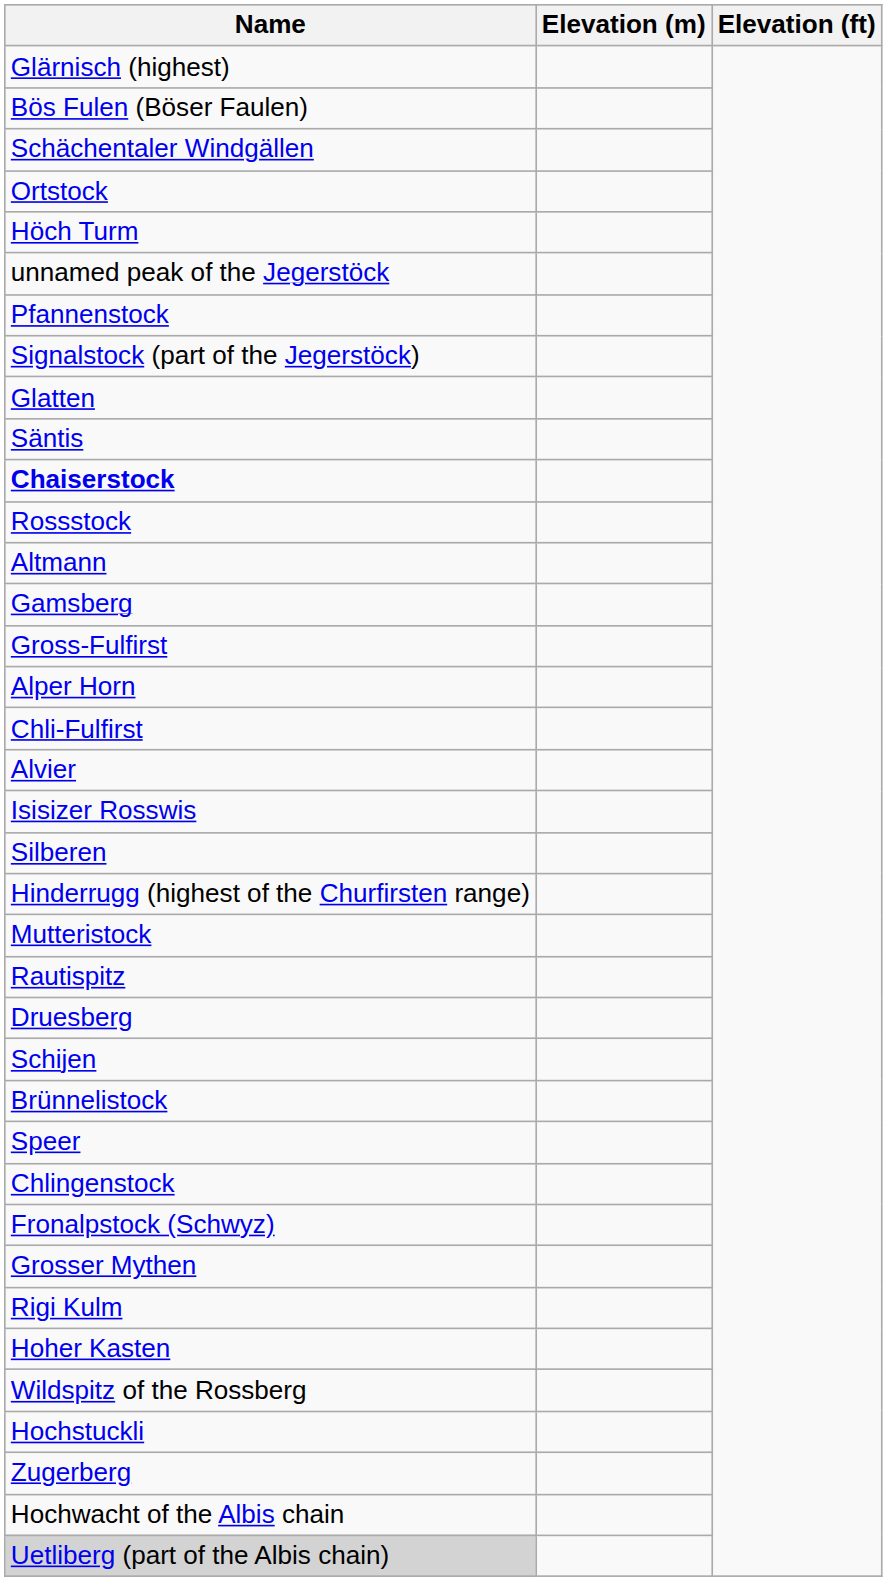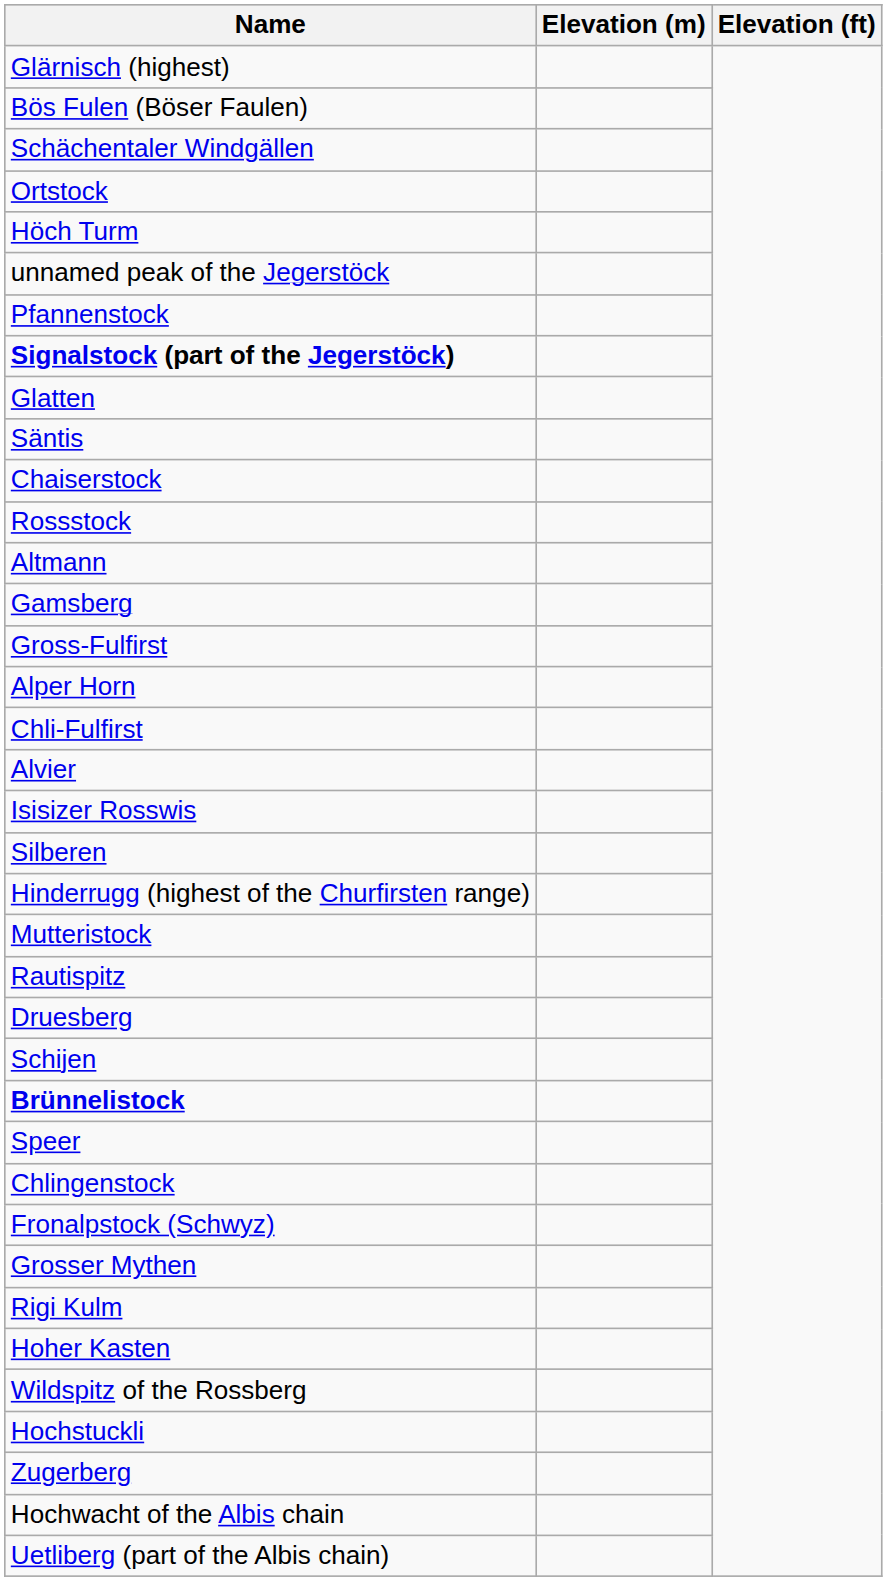 <table class="wikitable sortable">
 <tr>
 <th>Name</th>
 <th>Elevation (m)</th>
 <th>Elevation (ft)</th>
 </tr>
 <tr>
 <td><a href='#'>Glärnisch</a> (highest)</td>
 <td></td>
 </tr>
 <tr>
 <td><a href='#'>Bös Fulen</a> (Böser Faulen)</td>
 <td></td>
 </tr>
 <tr>
 <td><a href='#'>Schächentaler Windgällen</a></td>
 <td></td>
 </tr>
 <tr>
 <td><a href='#'>Ortstock</a></td>
 <td></td>
 </tr>
 <tr>
 <td><a href='#'>Höch Turm</a></td>
 <td></td>
 </tr>
 <tr>
 <td>unnamed peak of the <a href='#'>Jegerstöck</a></td>
 <td></td>
 </tr>
 <tr>
 <td><a href='#'>Pfannenstock</a></td>
 <td></td>
 </tr>
 <tr>
-<td><a href='#'>Signalstock</a> (part of the <a href='#'>Jegerstöck</a>)</td>
+<td><strong><a href='#'>Signalstock</a> (part of the <a href='#'>Jegerstöck</a>)</strong></td>
 <td></td>
 </tr>
 <tr>
 <td><a href='#'>Glatten</a></td>
 <td></td>
 </tr>
 <tr>
 <td><a href='#'>Säntis</a></td>
 <td></td>
 </tr>
 <tr>
-<td><strong><a href='#'>Chaiserstock</a></strong></td>
+<td><a href='#'>Chaiserstock</a></td>
 <td></td>
 </tr>
 <tr>
 <td><a href='#'>Rossstock</a></td>
 <td></td>
 </tr>
 <tr>
 <td><a href='#'>Altmann</a></td>
 <td></td>
 </tr>
 <tr>
 <td><a href='#'>Gamsberg</a></td>
 <td></td>
 </tr>
 <tr>
 <td><a href='#'>Gross-Fulfirst</a></td>
 <td></td>
 </tr>
 <tr>
 <td><a href='#'>Alper Horn</a></td>
 <td></td>
 </tr>
 <tr>
 <td><a href='#'>Chli-Fulfirst</a></td>
 <td></td>
 </tr>
 <tr>
 <td><a href='#'>Alvier</a></td>
 <td></td>
 </tr>
 <tr>
 <td><a href='#'>Isisizer Rosswis</a></td>
 <td></td>
 </tr>
 <tr>
 <td><a href='#'>Silberen</a></td>
 <td></td>
 </tr>
 <tr>
 <td><a href='#'>Hinderrugg</a> (highest of the <a href='#'>Churfirsten</a> range)</td>
 <td></td>
 </tr>
 <tr>
 <td><a href='#'>Mutteristock</a></td>
 <td></td>
 </tr>
 <tr>
 <td><a href='#'>Rautispitz</a></td>
 <td></td>
 </tr>
 <tr>
 <td><a href='#'>Druesberg</a></td>
 <td></td>
 </tr>
 <tr>
 <td><a href='#'>Schijen</a></td>
 <td></td>
 </tr>
 <tr>
-<td><a href='#'>Brünnelistock</a></td>
+<td><strong><a href='#'>Brünnelistock</a></strong></td>
 <td></td>
 </tr>
 <tr>
 <td><a href='#'>Speer</a></td>
 <td></td>
 </tr>
 <tr>
 <td><a href='#'>Chlingenstock</a></td>
 <td></td>
 </tr>
 <tr>
 <td><a href='#'>Fronalpstock (Schwyz)</a></td>
 <td></td>
 </tr>
 <tr>
 <td><a href='#'>Grosser Mythen</a></td>
 <td></td>
 </tr>
 <tr>
 <td><a href='#'>Rigi Kulm</a></td>
 <td></td>
 </tr>
 <tr>
 <td><a href='#'>Hoher Kasten</a></td>
 <td></td>
 </tr>
 <tr>
 <td><a href='#'>Wildspitz</a> of the Rossberg</td>
 <td></td>
 </tr>
 <tr>
 <td><a href='#'>Hochstuckli</a></td>
 <td></td>
 </tr>
 <tr>
 <td><a href='#'>Zugerberg</a></td>
 <td></td>
 </tr>
 <tr>
 <td>Hochwacht of the <a href='#'>Albis</a> chain</td>
 <td></td>
 </tr>
 <tr>
-<td style="background: lightgrey;"><a href='#'>Uetliberg</a> (part of the Albis chain)</td>
+<td><a href='#'>Uetliberg</a> (part of the Albis chain)</td>
 <td></td>
 </tr>
 </table>
